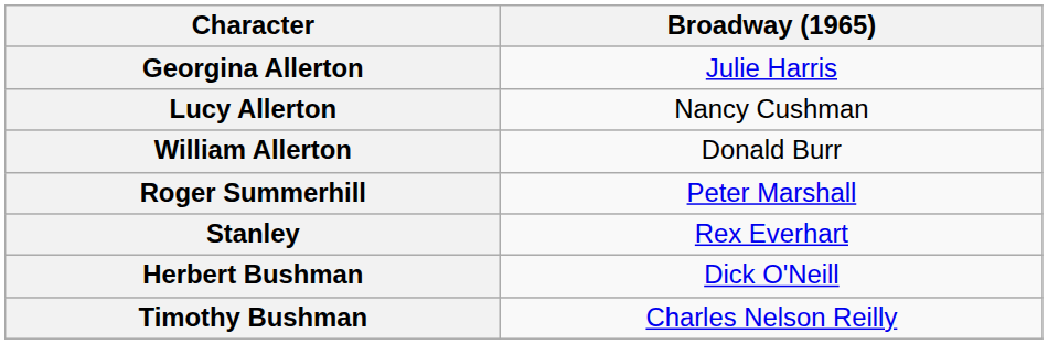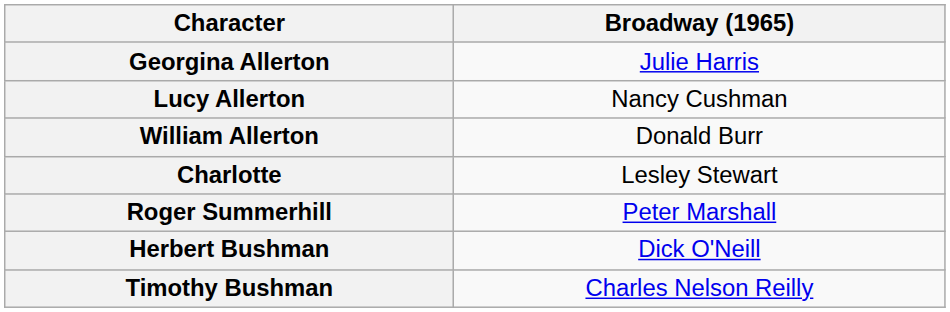 <table class="wikitable" style="width:50%; text-align:center">
 <tr>
 <th scope="col">Character</th>
 <th>Broadway (1965)</th>
 </tr>
 <tr>
 <th>Georgina Allerton</th>
 <td colspan="1"><a href='#'>Julie Harris</a></td>
 </tr>
 <tr>
 <th>Lucy Allerton</th>
 <td colspan="1”">Nancy Cushman</td>
 </tr>
 <tr>
 <th>William Allerton</th>
 <td colspan="1”">Donald Burr</td>
 </tr>
 <tr>
+<th>Charlotte</th>
+<td colspan="1">Lesley Stewart</td>
+</tr>
+<tr>
 <th>Roger Summerhill</th>
 <td colspan="1"><a href='#'>Peter Marshall</a></td>
-</tr>
-<tr>
-<th>Stanley</th>
-<td colspan="1"><a href='#'>Rex Everhart</a></td>
 </tr>
 <tr>
 <th>Herbert Bushman</th>
 <td colspan="1"><a href='#'>Dick O'Neill</a></td>
 </tr>
 <tr>
 <th>Timothy Bushman</th>
 <td colspan="1"><a href='#'>Charles Nelson Reilly</a></td>
 </tr>
 </table>
